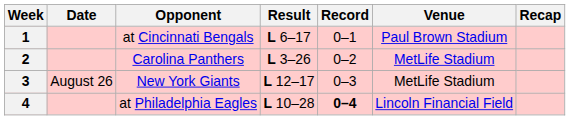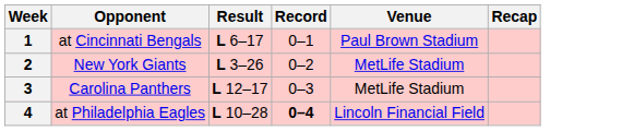 <table class="wikitable" style="text-align:center">
 <tr>
 <th>Week</th>
-<th>Date</th>
 <th>Opponent</th>
 <th>Result</th>
 <th>Record</th>
 <th>Venue</th>
 <th>Recap</th>
 </tr>
 <tr style="background:#fcc">
 <th>1</th>
-<td></td>
 <td>at <a href='#'>Cincinnati Bengals</a></td>
 <td><strong>L</strong> 6–17</td>
 <td>0–1</td>
 <td><a href='#'>Paul Brown Stadium</a></td>
 <td></td>
 </tr>
 <tr style="background:#fcc">
 <th>2</th>
-<td></td>
-<td><a href='#'>Carolina Panthers</a></td>
+<td><a href='#'>New York Giants</a></td>
 <td><strong>L</strong> 3–26</td>
 <td>0–2</td>
 <td><a href='#'>MetLife Stadium</a></td>
 <td></td>
 </tr>
 <tr style="background:#fcc">
 <th>3</th>
-<td>August 26</td>
-<td><a href='#'>New York Giants</a></td>
+<td><a href='#'>Carolina Panthers</a></td>
 <td><strong>L</strong> 12–17</td>
 <td>0–3</td>
 <td>MetLife Stadium</td>
 <td></td>
 </tr>
 <tr style="background:#fcc">
 <th>4</th>
-<td></td>
 <td>at <a href='#'>Philadelphia Eagles</a></td>
 <td><strong>L</strong> 10–28</td>
 <td><strong>0–4</strong></td>
 <td><a href='#'>Lincoln Financial Field</a></td>
 <td></td>
 </tr>
 </table>
